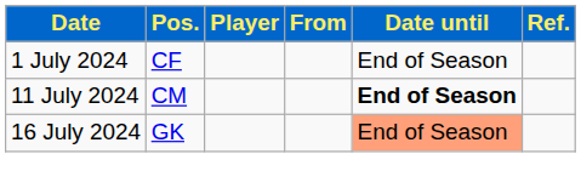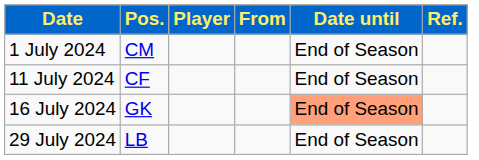 <table class="wikitable plainrowheaders sortable">
 <tr>
 <th style="background:#0066cb; color:#fe6; ">Date</th>
 <th style="background:#0066cb; color:#fe6; ">Pos.</th>
 <th style="background:#0066cb; color:#fe6; ">Player</th>
 <th style="background:#0066cb; color:#fe6; ">From</th>
 <th style="background:#0066cb; color:#fe6; ">Date until</th>
 <th style="background:#0066cb; color:#fe6; ">Ref.</th>
 </tr>
 <tr>
 <td>1 July 2024</td>
-<td><a href='#'>CF</a></td>
+<td><a href='#'>CM</a></td>
 <td></td>
 <td></td>
 <td>End of Season</td>
 <td></td>
 </tr>
 <tr>
 <td>11 July 2024</td>
-<td><a href='#'>CM</a></td>
+<td><a href='#'>CF</a></td>
 <td></td>
 <td></td>
-<td><strong>End of Season</strong></td>
+<td>End of Season</td>
 <td></td>
 </tr>
 <tr>
 <td>16 July 2024</td>
 <td><a href='#'>GK</a></td>
 <td></td>
 <td></td>
 <td style="background: lightsalmon;">End of Season</td>
 <td></td>
 </tr>
+<tr>
+<td>29 July 2024</td>
+<td><a href='#'>LB</a></td>
+<td></td>
+<td></td>
+<td>End of Season</td>
+<td></td>
+</tr>
 </table>
